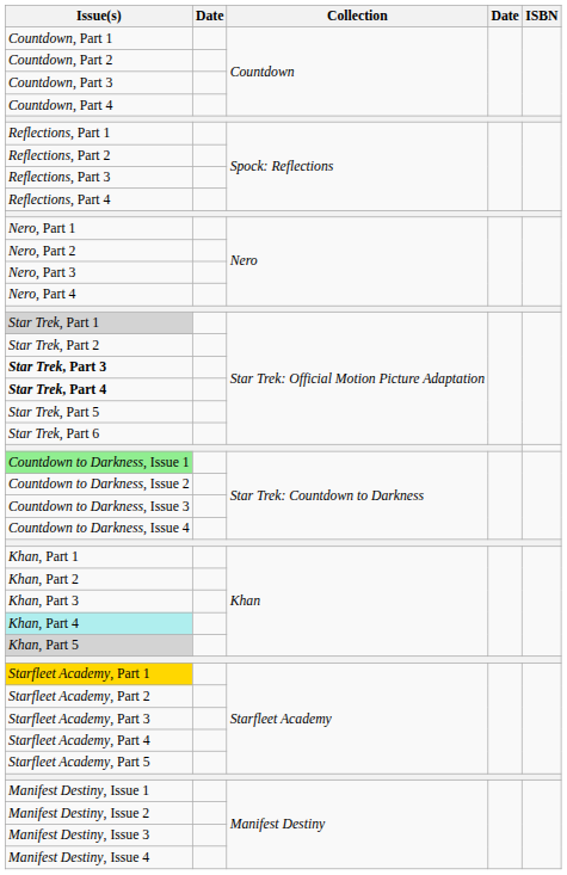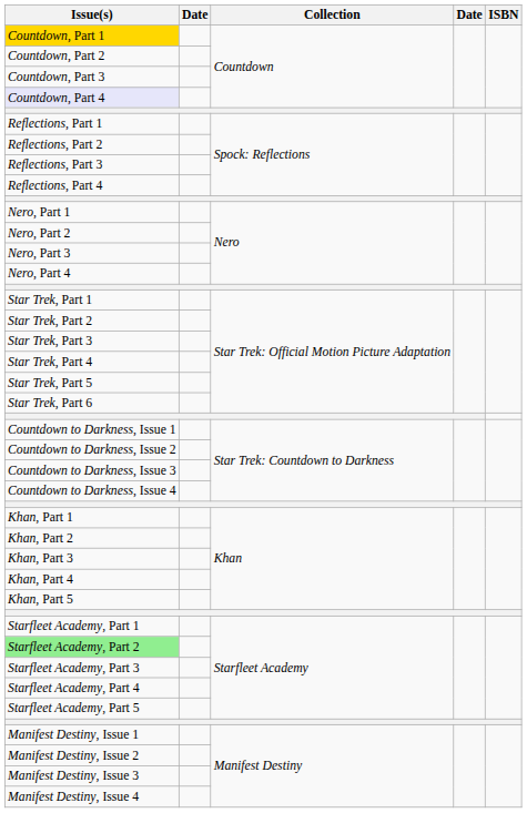 <table class="wikitable">
 <tr>
 <th>Issue(s)</th>
 <th>Date</th>
 <th>Collection</th>
 <th>Date</th>
 <th>ISBN</th>
 </tr>
 <tr>
-<td><em>Countdown</em>, Part 1</td>
+<td style="background: gold;"><em>Countdown</em>, Part 1</td>
 <td></td>
 <td rowspan="4"><em>Countdown</em></td>
 <td rowspan="4"></td>
 <td rowspan="4"></td>
 </tr>
 <tr>
 <td><em>Countdown</em>, Part 2</td>
 <td></td>
 </tr>
 <tr>
 <td><em>Countdown</em>, Part 3</td>
 <td></td>
 </tr>
 <tr>
-<td><em>Countdown</em>, Part 4</td>
+<td style="background: lavender;"><em>Countdown</em>, Part 4</td>
 <td></td>
 </tr>
 <tr>
 <th colspan="5"></th>
 </tr>
 <tr>
 <td><em>Reflections</em>, Part 1</td>
 <td></td>
 <td rowspan="4"><em>Spock: Reflections</em></td>
 <td rowspan="4"></td>
 <td rowspan="4"></td>
 </tr>
 <tr>
 <td><em>Reflections</em>, Part 2</td>
 <td></td>
 </tr>
 <tr>
 <td><em>Reflections</em>, Part 3</td>
 <td></td>
 </tr>
 <tr>
 <td><em>Reflections</em>, Part 4</td>
 <td></td>
 </tr>
 <tr>
 <th colspan="5"></th>
 </tr>
 <tr>
 <td><em>Nero</em>, Part 1</td>
 <td></td>
 <td rowspan="4"><em>Nero</em></td>
 <td rowspan="4"></td>
 <td rowspan="4"></td>
 </tr>
 <tr>
 <td><em>Nero</em>, Part 2</td>
 <td></td>
 </tr>
 <tr>
 <td><em>Nero</em>, Part 3</td>
 <td></td>
 </tr>
 <tr>
 <td><em>Nero</em>, Part 4</td>
 <td></td>
 </tr>
 <tr>
 <th colspan="5"></th>
 </tr>
 <tr>
-<td style="background: lightgrey;"><em>Star Trek</em>, Part 1</td>
+<td><em>Star Trek</em>, Part 1</td>
 <td></td>
 <td rowspan="6"><em>Star Trek: Official Motion Picture Adaptation</em></td>
 <td rowspan="6"></td>
 <td rowspan="6"></td>
 </tr>
 <tr>
 <td><em>Star Trek</em>, Part 2</td>
 <td></td>
 </tr>
 <tr>
-<td><strong><em>Star Trek</em>, Part 3</strong></td>
+<td><em>Star Trek</em>, Part 3</td>
 <td></td>
 </tr>
 <tr>
-<td><strong><em>Star Trek</em>, Part 4</strong></td>
+<td><em>Star Trek</em>, Part 4</td>
 <td></td>
 </tr>
 <tr>
 <td><em>Star Trek</em>, Part 5</td>
 <td></td>
 </tr>
 <tr>
 <td><em>Star Trek</em>, Part 6</td>
 <td></td>
 </tr>
 <tr>
 <th colspan="4"></th>
 </tr>
 <tr>
-<td style="background: lightgreen;"><em>Countdown to Darkness</em>, Issue 1</td>
+<td><em>Countdown to Darkness</em>, Issue 1</td>
 <td></td>
 <td rowspan="4"><em>Star Trek: Countdown to Darkness</em></td>
 <td rowspan="4"></td>
 <td rowspan="4"></td>
 </tr>
 <tr>
 <td><em>Countdown to Darkness</em>, Issue 2</td>
 <td></td>
 </tr>
 <tr>
 <td><em>Countdown to Darkness</em>, Issue 3</td>
 <td></td>
 </tr>
 <tr>
 <td><em>Countdown to Darkness</em>, Issue 4</td>
 <td></td>
 </tr>
 <tr>
 <th colspan="5"></th>
 </tr>
 <tr>
 <td><em>Khan</em>, Part 1</td>
 <td></td>
 <td rowspan="5"><em>Khan</em></td>
 <td rowspan="5"></td>
 <td rowspan="5"></td>
 </tr>
 <tr>
 <td><em>Khan</em>, Part 2</td>
 <td></td>
 </tr>
 <tr>
 <td><em>Khan</em>, Part 3</td>
 <td></td>
 </tr>
 <tr>
-<td style="background: paleturquoise;"><em>Khan</em>, Part 4</td>
+<td><em>Khan</em>, Part 4</td>
 <td></td>
 </tr>
 <tr>
-<td style="background: lightgrey;"><em>Khan</em>, Part 5</td>
+<td><em>Khan</em>, Part 5</td>
 <td></td>
 </tr>
 <tr>
 <th colspan="5"></th>
 </tr>
 <tr>
-<td style="background: gold;"><em>Starfleet Academy</em>, Part 1</td>
+<td><em>Starfleet Academy</em>, Part 1</td>
 <td></td>
 <td rowspan="5"><em>Starfleet Academy</em></td>
 <td rowspan="5"></td>
 <td rowspan="5"></td>
 </tr>
 <tr>
-<td><em>Starfleet Academy</em>, Part 2</td>
+<td style="background: lightgreen;"><em>Starfleet Academy</em>, Part 2</td>
 <td></td>
 </tr>
 <tr>
 <td><em>Starfleet Academy</em>, Part 3</td>
 <td></td>
 </tr>
 <tr>
 <td><em>Starfleet Academy</em>, Part 4</td>
 <td></td>
 </tr>
 <tr>
 <td><em>Starfleet Academy</em>, Part 5</td>
 <td></td>
 </tr>
 <tr>
 <th colspan="5"></th>
 </tr>
 <tr>
 <td><em>Manifest Destiny</em>, Issue 1</td>
 <td></td>
 <td rowspan="4"><em>Manifest Destiny</em></td>
 <td rowspan="4"></td>
 <td rowspan="4"></td>
 </tr>
 <tr>
 <td><em>Manifest Destiny</em>, Issue 2</td>
 <td></td>
 </tr>
 <tr>
 <td><em>Manifest Destiny</em>, Issue 3</td>
 <td></td>
 </tr>
 <tr>
 <td><em>Manifest Destiny</em>, Issue 4</td>
 <td></td>
 </tr>
 </table>
